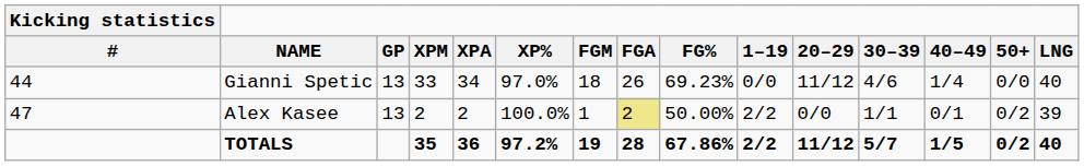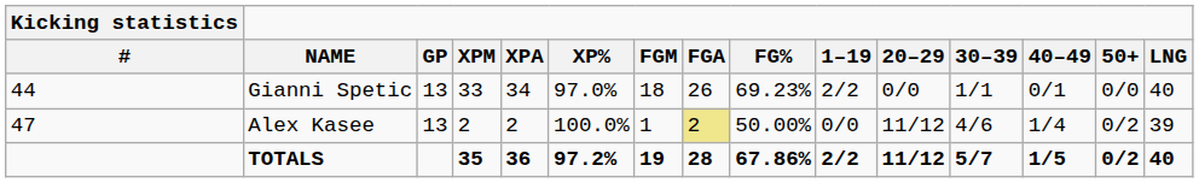 <table class="wikitable collapsible">
 <tr>
 <th style="text-align:center; ">Kicking statistics</th>
 </tr>
 <tr>
 <th>#</th>
 <th>NAME</th>
 <th>GP</th>
 <th>XPM</th>
 <th>XPA</th>
 <th>XP%</th>
 <th>FGM</th>
 <th>FGA</th>
 <th>FG%</th>
 <th>1–19</th>
 <th>20–29</th>
 <th>30–39</th>
 <th>40–49</th>
 <th>50+</th>
 <th>LNG</th>
 </tr>
 <tr>
 <td>44</td>
 <td>Gianni Spetic</td>
 <td>13</td>
 <td>33</td>
 <td>34</td>
 <td>97.0%</td>
 <td>18</td>
 <td>26</td>
 <td>69.23%</td>
+<td>2/2</td>
 <td>0/0</td>
-<td>11/12</td>
-<td>4/6</td>
-<td>1/4</td>
+<td>1/1</td>
+<td>0/1</td>
 <td>0/0</td>
 <td>40</td>
 </tr>
 <tr>
 <td>47</td>
 <td>Alex Kasee</td>
 <td>13</td>
 <td>2</td>
 <td>2</td>
 <td>100.0%</td>
 <td>1</td>
 <td style="background: khaki;">2</td>
 <td>50.00%</td>
-<td>2/2</td>
 <td>0/0</td>
-<td>1/1</td>
-<td>0/1</td>
+<td>11/12</td>
+<td>4/6</td>
+<td>1/4</td>
 <td>0/2</td>
 <td>39</td>
 </tr>
 <tr>
 <td></td>
 <td><strong>TOTALS</strong></td>
 <td></td>
 <td><strong>35</strong></td>
 <td><strong>36</strong></td>
 <td><strong>97.2%</strong></td>
 <td><strong>19</strong></td>
 <td><strong>28</strong></td>
 <td><strong>67.86%</strong></td>
 <td><strong>2/2</strong></td>
 <td><strong>11/12</strong></td>
 <td><strong>5/7</strong></td>
 <td><strong>1/5</strong></td>
 <td><strong>0/2</strong></td>
 <td><strong>40</strong></td>
 </tr>
 </table>
